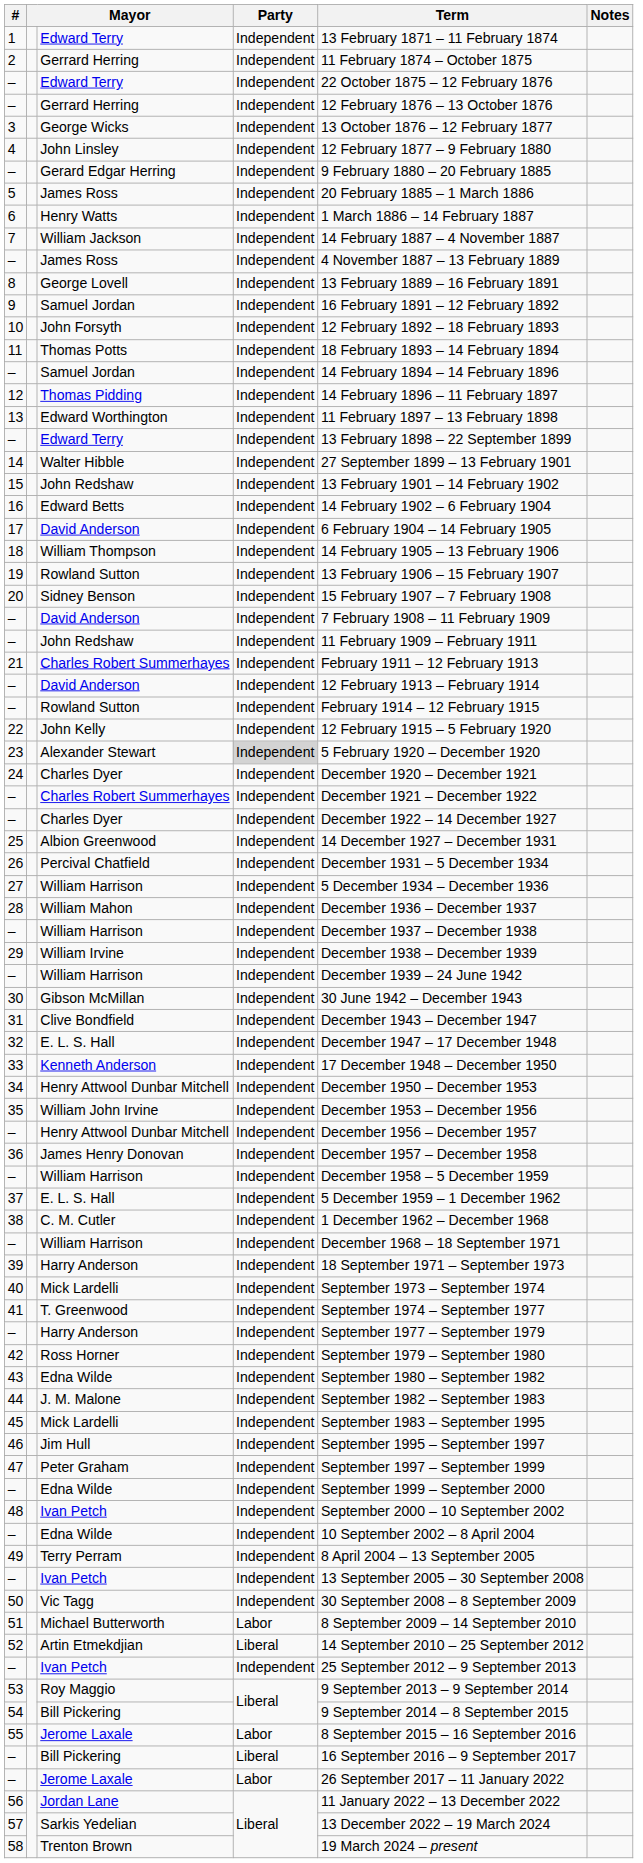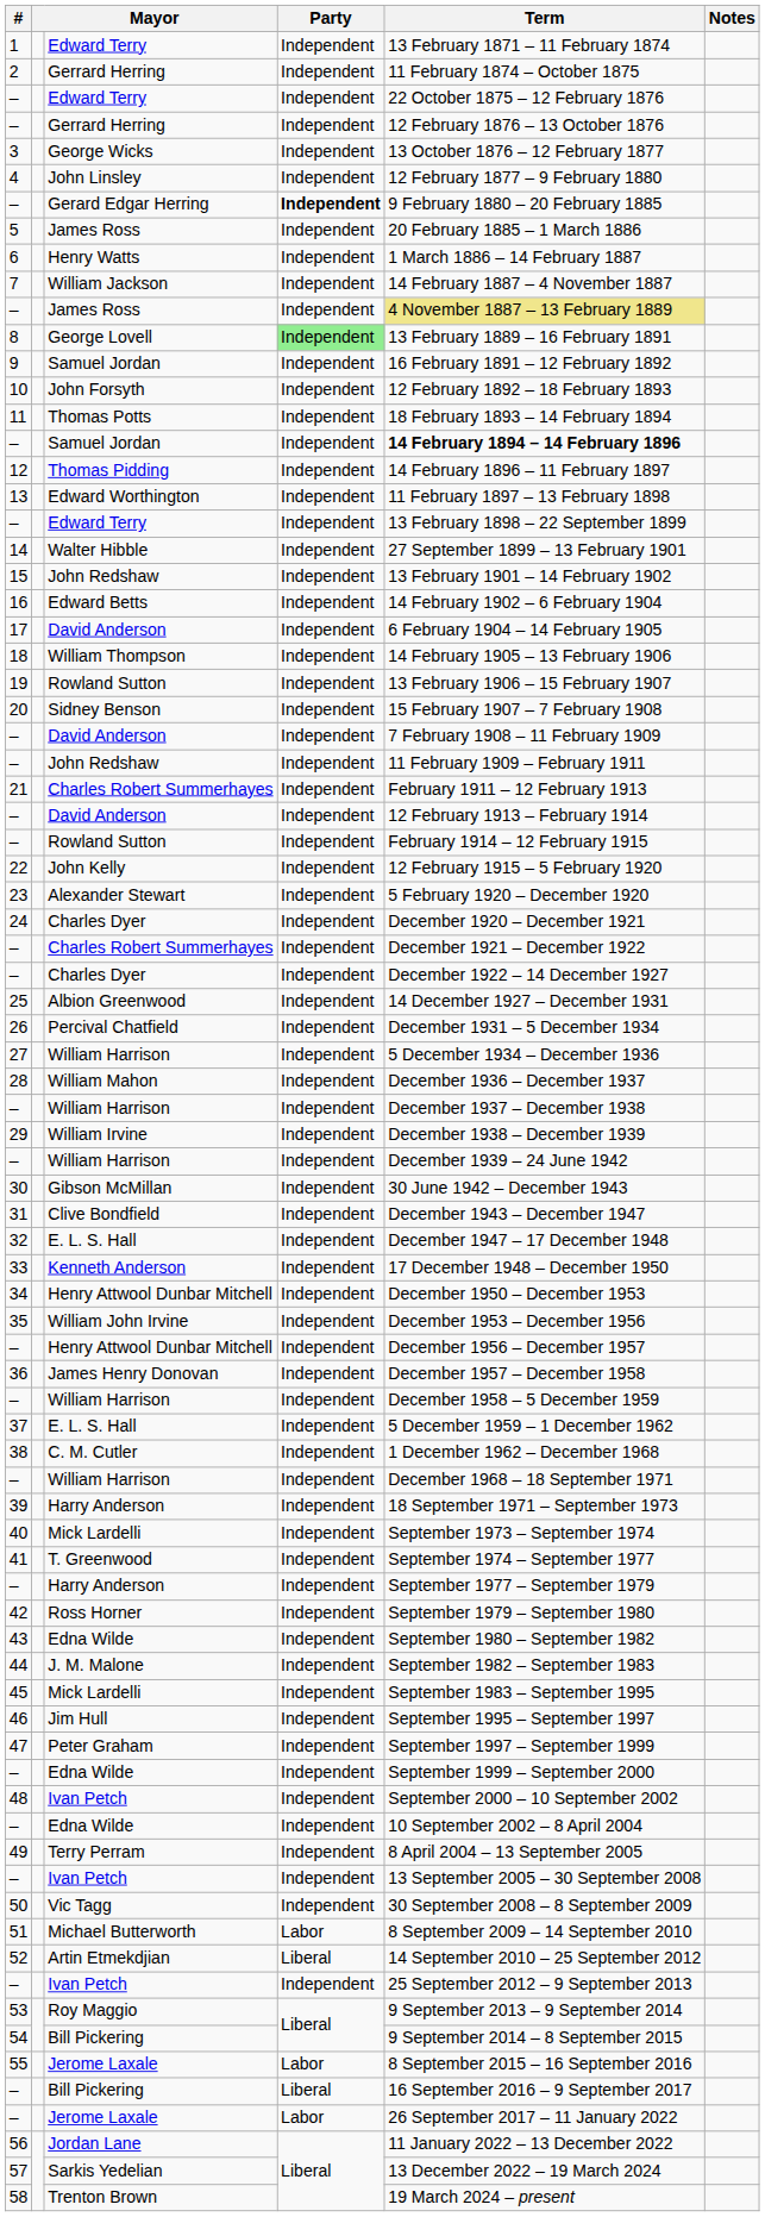 <table class="wikitable">
 <tr>
 <th>#</th>
 <th colspan="2">Mayor</th>
 <th>Party</th>
 <th>Term</th>
 <th>Notes</th>
 </tr>
 <tr>
 <td>1</td>
 <td> </td>
 <td><a href='#'>Edward Terry</a></td>
 <td>Independent</td>
 <td>13 February 1871 – 11 February 1874</td>
 <td></td>
 </tr>
 <tr>
 <td>2</td>
 <td> </td>
 <td>Gerrard Herring</td>
 <td>Independent</td>
 <td>11 February 1874 – October 1875</td>
 <td></td>
 </tr>
 <tr>
 <td>–</td>
 <td> </td>
 <td><a href='#'>Edward Terry</a></td>
 <td>Independent</td>
 <td>22 October 1875 – 12 February 1876</td>
 <td></td>
 </tr>
 <tr>
 <td>–</td>
 <td> </td>
 <td>Gerrard Herring</td>
 <td>Independent</td>
 <td>12 February 1876 – 13 October 1876</td>
 <td></td>
 </tr>
 <tr>
 <td>3</td>
 <td> </td>
 <td>George Wicks</td>
 <td>Independent</td>
 <td>13 October 1876 – 12 February 1877</td>
 <td></td>
 </tr>
 <tr>
 <td>4</td>
 <td> </td>
 <td>John Linsley</td>
 <td>Independent</td>
 <td>12 February 1877 – 9 February 1880</td>
 <td></td>
 </tr>
 <tr>
 <td>–</td>
 <td> </td>
 <td>Gerard Edgar Herring</td>
-<td>Independent</td>
+<td><strong>Independent</strong></td>
 <td>9 February 1880 – 20 February 1885</td>
 <td></td>
 </tr>
 <tr>
 <td>5</td>
 <td> </td>
 <td>James Ross</td>
 <td>Independent</td>
 <td>20 February 1885 – 1 March 1886</td>
 <td></td>
 </tr>
 <tr>
 <td>6</td>
 <td> </td>
 <td>Henry Watts</td>
 <td>Independent</td>
 <td>1 March 1886 – 14 February 1887</td>
 <td></td>
 </tr>
 <tr>
 <td>7</td>
 <td> </td>
 <td>William Jackson</td>
 <td>Independent</td>
 <td>14 February 1887 – 4 November 1887</td>
 <td></td>
 </tr>
 <tr>
 <td>–</td>
 <td> </td>
 <td>James Ross</td>
 <td>Independent</td>
-<td>4 November 1887 – 13 February 1889</td>
+<td style="background: khaki;">4 November 1887 – 13 February 1889</td>
 <td></td>
 </tr>
 <tr>
 <td>8</td>
 <td> </td>
 <td>George Lovell</td>
-<td>Independent</td>
+<td style="background: lightgreen;">Independent</td>
 <td>13 February 1889 – 16 February 1891</td>
 <td></td>
 </tr>
 <tr>
 <td>9</td>
 <td> </td>
 <td>Samuel Jordan</td>
 <td>Independent</td>
 <td>16 February 1891 – 12 February 1892</td>
 <td></td>
 </tr>
 <tr>
 <td>10</td>
 <td> </td>
 <td>John Forsyth</td>
 <td>Independent</td>
 <td>12 February 1892 – 18 February 1893</td>
 <td></td>
 </tr>
 <tr>
 <td>11</td>
 <td> </td>
 <td>Thomas Potts</td>
 <td>Independent</td>
 <td>18 February 1893 – 14 February 1894</td>
 <td></td>
 </tr>
 <tr>
 <td>–</td>
 <td> </td>
 <td>Samuel Jordan</td>
 <td>Independent</td>
-<td>14 February 1894 – 14 February 1896</td>
+<td><strong>14 February 1894 – 14 February 1896</strong></td>
 <td></td>
 </tr>
 <tr>
 <td>12</td>
 <td> </td>
 <td><a href='#'>Thomas Pidding</a></td>
 <td>Independent</td>
 <td>14 February 1896 – 11 February 1897</td>
 <td></td>
 </tr>
 <tr>
 <td>13</td>
 <td> </td>
 <td>Edward Worthington</td>
 <td>Independent</td>
 <td>11 February 1897 – 13 February 1898</td>
 <td></td>
 </tr>
 <tr>
 <td>–</td>
 <td> </td>
 <td><a href='#'>Edward Terry</a></td>
 <td>Independent</td>
 <td>13 February 1898 – 22 September 1899</td>
 <td></td>
 </tr>
 <tr>
 <td>14</td>
 <td> </td>
 <td>Walter Hibble</td>
 <td>Independent</td>
 <td>27 September 1899 – 13 February 1901</td>
 <td></td>
 </tr>
 <tr>
 <td>15</td>
 <td> </td>
 <td>John Redshaw</td>
 <td>Independent</td>
 <td>13 February 1901 – 14 February 1902</td>
 <td></td>
 </tr>
 <tr>
 <td>16</td>
 <td> </td>
 <td>Edward Betts</td>
 <td>Independent</td>
 <td>14 February 1902 – 6 February 1904</td>
 <td></td>
 </tr>
 <tr>
 <td>17</td>
 <td> </td>
 <td><a href='#'>David Anderson</a></td>
 <td>Independent</td>
 <td>6 February 1904 – 14 February 1905</td>
 <td></td>
 </tr>
 <tr>
 <td>18</td>
 <td> </td>
 <td>William Thompson</td>
 <td>Independent</td>
 <td>14 February 1905 – 13 February 1906</td>
 <td></td>
 </tr>
 <tr>
 <td>19</td>
 <td> </td>
 <td>Rowland Sutton</td>
 <td>Independent</td>
 <td>13 February 1906 – 15 February 1907</td>
 <td></td>
 </tr>
 <tr>
 <td>20</td>
 <td> </td>
 <td>Sidney Benson</td>
 <td>Independent</td>
 <td>15 February 1907 – 7 February 1908</td>
 <td></td>
 </tr>
 <tr>
 <td>–</td>
 <td> </td>
 <td><a href='#'>David Anderson</a></td>
 <td>Independent</td>
 <td>7 February 1908 – 11 February 1909</td>
 <td></td>
 </tr>
 <tr>
 <td>–</td>
 <td> </td>
 <td>John Redshaw</td>
 <td>Independent</td>
 <td>11 February 1909 – February 1911</td>
 <td></td>
 </tr>
 <tr>
 <td>21</td>
 <td> </td>
 <td><a href='#'>Charles Robert Summerhayes</a></td>
 <td>Independent</td>
 <td>February 1911 – 12 February 1913</td>
 <td></td>
 </tr>
 <tr>
 <td>–</td>
 <td> </td>
 <td><a href='#'>David Anderson</a></td>
 <td>Independent</td>
 <td>12 February 1913 – February 1914</td>
 <td></td>
 </tr>
 <tr>
 <td>–</td>
 <td> </td>
 <td>Rowland Sutton</td>
 <td>Independent</td>
 <td>February 1914 – 12 February 1915</td>
 <td></td>
 </tr>
 <tr>
 <td>22</td>
 <td> </td>
 <td>John Kelly</td>
 <td>Independent</td>
 <td>12 February 1915 – 5 February 1920</td>
 <td></td>
 </tr>
 <tr>
 <td>23</td>
 <td> </td>
 <td>Alexander Stewart</td>
-<td style="background: lightgrey;">Independent</td>
+<td>Independent</td>
 <td>5 February 1920 – December 1920</td>
 <td></td>
 </tr>
 <tr>
 <td>24</td>
 <td> </td>
 <td>Charles Dyer</td>
 <td>Independent</td>
 <td>December 1920 – December 1921</td>
 <td></td>
 </tr>
 <tr>
 <td>–</td>
 <td> </td>
 <td><a href='#'>Charles Robert Summerhayes</a></td>
 <td>Independent</td>
 <td>December 1921 – December 1922</td>
 <td></td>
 </tr>
 <tr>
 <td>–</td>
 <td> </td>
 <td>Charles Dyer</td>
 <td>Independent</td>
 <td>December 1922 – 14 December 1927</td>
 <td></td>
 </tr>
 <tr>
 <td>25</td>
 <td> </td>
 <td>Albion Greenwood</td>
 <td>Independent</td>
 <td>14 December 1927 – December 1931</td>
 <td></td>
 </tr>
 <tr>
 <td>26</td>
 <td> </td>
 <td>Percival Chatfield</td>
 <td>Independent</td>
 <td>December 1931 – 5 December 1934</td>
 <td></td>
 </tr>
 <tr>
 <td>27</td>
 <td> </td>
 <td>William Harrison</td>
 <td>Independent</td>
 <td>5 December 1934 – December 1936</td>
 <td></td>
 </tr>
 <tr>
 <td>28</td>
 <td> </td>
 <td>William Mahon</td>
 <td>Independent</td>
 <td>December 1936 – December 1937</td>
 <td></td>
 </tr>
 <tr>
 <td>–</td>
 <td> </td>
 <td>William Harrison</td>
 <td>Independent</td>
 <td>December 1937 – December 1938</td>
 <td></td>
 </tr>
 <tr>
 <td>29</td>
 <td> </td>
 <td>William Irvine</td>
 <td>Independent</td>
 <td>December 1938 – December 1939</td>
 <td></td>
 </tr>
 <tr>
 <td>–</td>
 <td> </td>
 <td>William Harrison</td>
 <td>Independent</td>
 <td>December 1939 – 24 June 1942</td>
 <td></td>
 </tr>
 <tr>
 <td>30</td>
 <td> </td>
 <td>Gibson McMillan</td>
 <td>Independent</td>
 <td>30 June 1942 – December 1943</td>
 <td></td>
 </tr>
 <tr>
 <td>31</td>
 <td> </td>
 <td>Clive Bondfield</td>
 <td>Independent</td>
 <td>December 1943 – December 1947</td>
 <td></td>
 </tr>
 <tr>
 <td>32</td>
 <td> </td>
 <td>E. L. S. Hall</td>
 <td>Independent</td>
 <td>December 1947 – 17 December 1948</td>
 <td></td>
 </tr>
 <tr>
 <td>33</td>
 <td> </td>
 <td><a href='#'>Kenneth Anderson</a></td>
 <td>Independent</td>
 <td>17 December 1948 – December 1950</td>
 <td></td>
 </tr>
 <tr>
 <td>34</td>
 <td> </td>
 <td>Henry Attwool Dunbar Mitchell</td>
 <td>Independent</td>
 <td>December 1950 – December 1953</td>
 <td></td>
 </tr>
 <tr>
 <td>35</td>
 <td> </td>
 <td>William John Irvine</td>
 <td>Independent</td>
 <td>December 1953 – December 1956</td>
 <td></td>
 </tr>
 <tr>
 <td>–</td>
 <td> </td>
 <td>Henry Attwool Dunbar Mitchell </td>
 <td>Independent</td>
 <td>December 1956 – December 1957</td>
 <td></td>
 </tr>
 <tr>
 <td>36</td>
 <td> </td>
 <td>James Henry Donovan</td>
 <td>Independent</td>
 <td>December 1957 – December 1958</td>
 <td></td>
 </tr>
 <tr>
 <td>–</td>
 <td> </td>
 <td>William Harrison</td>
 <td>Independent</td>
 <td>December 1958 – 5 December 1959</td>
 <td></td>
 </tr>
 <tr>
 <td>37</td>
 <td> </td>
 <td>E. L. S. Hall</td>
 <td>Independent</td>
 <td>5 December 1959 – 1 December 1962</td>
 <td></td>
 </tr>
 <tr>
 <td>38</td>
 <td> </td>
 <td>C. M. Cutler</td>
 <td>Independent</td>
 <td>1 December 1962 – December 1968</td>
 <td></td>
 </tr>
 <tr>
 <td>–</td>
 <td> </td>
 <td>William Harrison</td>
 <td>Independent</td>
 <td>December 1968 – 18 September 1971</td>
 <td></td>
 </tr>
 <tr>
 <td>39</td>
 <td> </td>
 <td>Harry Anderson</td>
 <td>Independent</td>
 <td>18 September 1971 – September 1973</td>
 <td></td>
 </tr>
 <tr>
 <td>40</td>
 <td> </td>
 <td>Mick Lardelli</td>
 <td>Independent</td>
 <td>September 1973 – September 1974</td>
 <td></td>
 </tr>
 <tr>
 <td>41</td>
 <td> </td>
 <td>T. Greenwood</td>
 <td>Independent</td>
 <td>September 1974 – September 1977</td>
 <td></td>
 </tr>
 <tr>
 <td>–</td>
 <td> </td>
 <td>Harry Anderson</td>
 <td>Independent</td>
 <td>September 1977 – September 1979</td>
 <td></td>
 </tr>
 <tr>
 <td>42</td>
 <td> </td>
 <td>Ross Horner</td>
 <td>Independent</td>
 <td>September 1979 – September 1980</td>
 <td></td>
 </tr>
 <tr>
 <td>43</td>
 <td> </td>
 <td>Edna Wilde</td>
 <td>Independent</td>
 <td>September 1980 – September 1982</td>
 <td></td>
 </tr>
 <tr>
 <td>44</td>
 <td> </td>
 <td>J. M. Malone</td>
 <td>Independent</td>
 <td>September 1982 – September 1983</td>
 <td></td>
 </tr>
 <tr>
 <td>45</td>
 <td> </td>
 <td>Mick Lardelli </td>
 <td>Independent</td>
 <td>September 1983 – September 1995</td>
 <td></td>
 </tr>
 <tr>
 <td>46</td>
 <td> </td>
 <td>Jim Hull</td>
 <td>Independent</td>
 <td>September 1995 – September 1997</td>
 <td></td>
 </tr>
 <tr>
 <td>47</td>
 <td> </td>
 <td>Peter Graham </td>
 <td>Independent</td>
 <td>September 1997 – September 1999</td>
 <td></td>
 </tr>
 <tr>
 <td>–</td>
 <td> </td>
 <td>Edna Wilde </td>
 <td>Independent</td>
 <td>September 1999 – September 2000</td>
 <td></td>
 </tr>
 <tr>
 <td>48</td>
 <td> </td>
 <td><a href='#'>Ivan Petch</a></td>
 <td>Independent</td>
 <td>September 2000 – 10 September 2002</td>
 <td></td>
 </tr>
 <tr>
 <td>–</td>
 <td> </td>
 <td>Edna Wilde </td>
 <td>Independent</td>
 <td>10 September 2002 – 8 April 2004</td>
 <td></td>
 </tr>
 <tr>
 <td>49</td>
 <td> </td>
 <td>Terry Perram</td>
 <td>Independent</td>
 <td>8 April 2004 – 13 September 2005</td>
 <td></td>
 </tr>
 <tr>
 <td>–</td>
 <td> </td>
 <td><a href='#'>Ivan Petch</a></td>
 <td>Independent</td>
 <td>13 September 2005 – 30 September 2008</td>
 <td></td>
 </tr>
 <tr>
 <td>50</td>
 <td> </td>
 <td>Vic Tagg</td>
 <td>Independent</td>
 <td>30 September 2008 – 8 September 2009</td>
 <td></td>
 </tr>
 <tr>
 <td>51</td>
 <td> </td>
 <td>Michael Butterworth</td>
 <td>Labor</td>
 <td>8 September 2009 – 14 September 2010</td>
 <td></td>
 </tr>
 <tr>
 <td>52</td>
 <td> </td>
 <td>Artin Etmekdjian</td>
 <td>Liberal</td>
 <td>14 September 2010 – 25 September 2012</td>
 <td></td>
 </tr>
 <tr>
 <td>–</td>
 <td> </td>
 <td><a href='#'>Ivan Petch</a></td>
 <td>Independent</td>
 <td>25 September 2012 – 9 September 2013</td>
 <td></td>
 </tr>
 <tr>
 <td>53</td>
 <td rowspan=2 > </td>
 <td>Roy Maggio</td>
 <td rowspan=2>Liberal</td>
 <td>9 September 2013 – 9 September 2014</td>
 <td></td>
 </tr>
 <tr>
 <td>54</td>
 <td>Bill Pickering</td>
 <td>9 September 2014 – 8 September 2015</td>
 <td></td>
 </tr>
 <tr>
 <td>55</td>
 <td> </td>
 <td><a href='#'>Jerome Laxale</a></td>
 <td>Labor</td>
 <td>8 September 2015 – 16 September 2016</td>
 <td></td>
 </tr>
 <tr>
 <td>–</td>
 <td> </td>
 <td>Bill Pickering</td>
 <td>Liberal</td>
 <td>16 September 2016 – 9 September 2017</td>
 <td></td>
 </tr>
 <tr>
 <td>–</td>
 <td> </td>
 <td><a href='#'>Jerome Laxale</a></td>
 <td>Labor</td>
 <td>26 September 2017 – 11 January 2022</td>
 <td></td>
 </tr>
 <tr>
 <td>56</td>
 <td rowspan=3 > </td>
 <td><a href='#'>Jordan Lane</a></td>
 <td rowspan=3>Liberal</td>
 <td>11 January 2022 – 13 December 2022</td>
 <td></td>
 </tr>
 <tr>
 <td>57</td>
 <td>Sarkis Yedelian </td>
 <td>13 December 2022 – 19 March 2024</td>
 <td></td>
 </tr>
 <tr>
 <td>58</td>
 <td>Trenton Brown</td>
 <td>19 March 2024 – <em>present</em></td>
 <td></td>
 </tr>
 </table>
